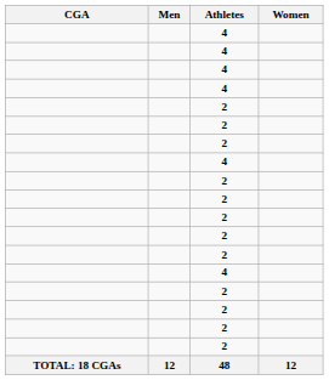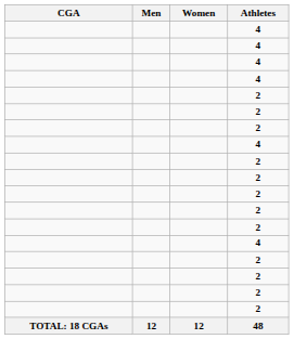 <table class="wikitable sortable" width=410 style="text-align:center; font-size:90%">
 <tr>
 <th align="left">CGA</th>
 <th>Men</th>
+<th>Women</th>
 <th>Athletes</th>
-<th>Women</th>
 </tr>
 <tr>
 <td style="text-align:left;"></td>
 <td></td>
+<td></td>
 <td><strong>4</strong></td>
-<td></td>
 </tr>
 <tr>
 <td style="text-align:left;"></td>
 <td></td>
+<td></td>
 <td><strong>4</strong></td>
-<td></td>
 </tr>
 <tr>
 <td style="text-align:left;"></td>
 <td></td>
+<td></td>
 <td><strong>4</strong></td>
-<td></td>
 </tr>
 <tr>
 <td style="text-align:left;"></td>
 <td></td>
+<td></td>
 <td><strong>4</strong></td>
-<td></td>
 </tr>
 <tr>
 <td style="text-align:left;"></td>
 <td></td>
+<td></td>
 <td><strong>2</strong></td>
-<td></td>
 </tr>
 <tr>
 <td style="text-align:left;"></td>
 <td></td>
+<td></td>
 <td><strong>2</strong></td>
-<td></td>
 </tr>
 <tr>
 <td style="text-align:left;"></td>
 <td></td>
+<td></td>
 <td><strong>2</strong></td>
-<td></td>
 </tr>
 <tr>
 <td style="text-align:left;"></td>
 <td></td>
+<td></td>
 <td><strong>4</strong></td>
-<td></td>
 </tr>
 <tr>
 <td style="text-align:left;"></td>
 <td></td>
+<td></td>
 <td><strong>2</strong></td>
-<td></td>
 </tr>
 <tr>
 <td style="text-align:left;"></td>
 <td></td>
+<td></td>
 <td><strong>2</strong></td>
-<td></td>
 </tr>
 <tr>
 <td style="text-align:left;"></td>
 <td></td>
+<td></td>
 <td><strong>2</strong></td>
-<td></td>
 </tr>
 <tr>
 <td style="text-align:left;"></td>
 <td></td>
+<td></td>
 <td><strong>2</strong></td>
-<td></td>
 </tr>
 <tr>
 <td style="text-align:left;"></td>
 <td></td>
+<td></td>
 <td><strong>2</strong></td>
-<td></td>
 </tr>
 <tr>
 <td style="text-align:left;"></td>
 <td></td>
+<td></td>
 <td><strong>4</strong></td>
-<td></td>
 </tr>
 <tr>
 <td style="text-align:left;"></td>
 <td></td>
+<td></td>
 <td><strong>2</strong></td>
-<td></td>
 </tr>
 <tr>
 <td style="text-align:left;"></td>
 <td></td>
+<td></td>
 <td><strong>2</strong></td>
-<td></td>
 </tr>
 <tr>
 <td style="text-align:left;"></td>
 <td></td>
+<td></td>
 <td><strong>2</strong></td>
-<td></td>
 </tr>
 <tr>
 <td style="text-align:left;"></td>
 <td></td>
+<td></td>
 <td><strong>2</strong></td>
-<td></td>
 </tr>
 <tr>
 <th>TOTAL: 18 CGAs</th>
 <th>12</th>
+<th>12</th>
 <th>48</th>
-<th>12</th>
 </tr>
 </table>
